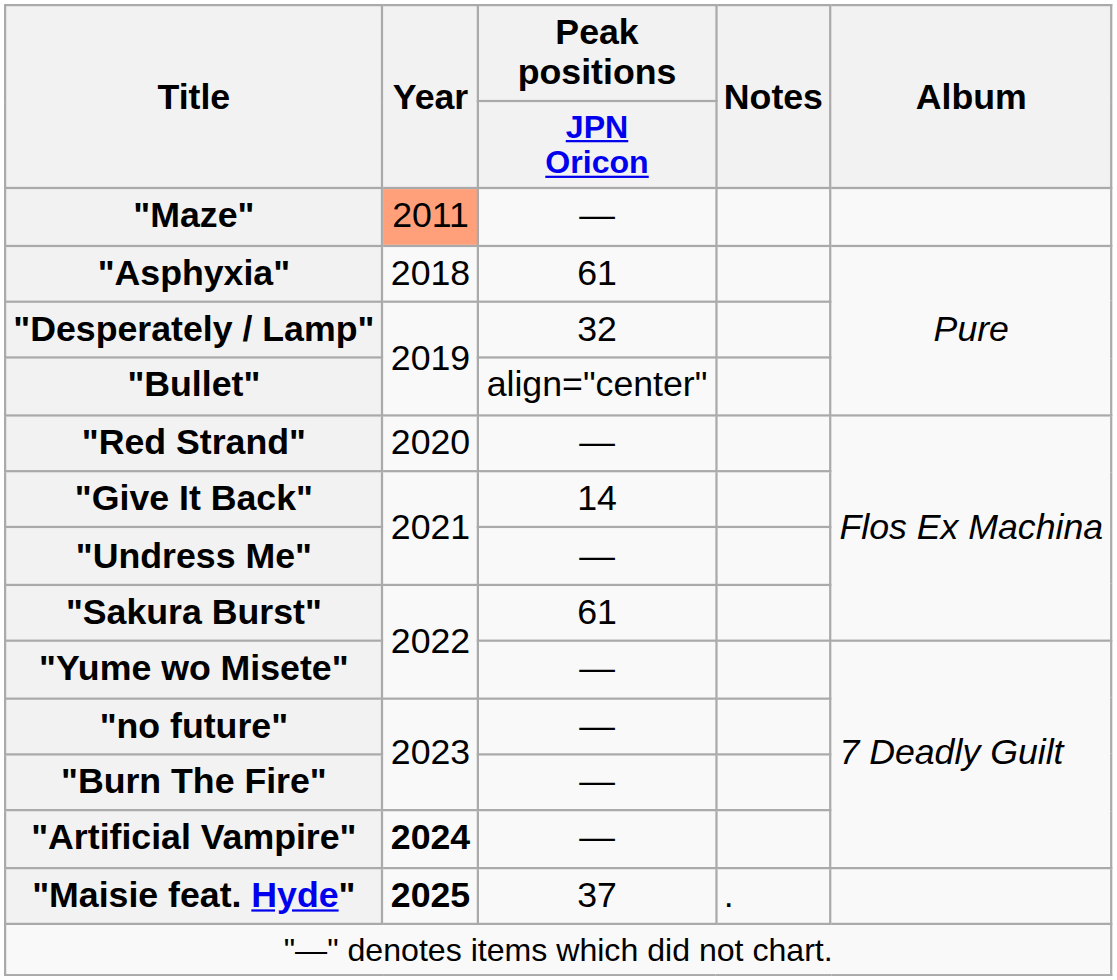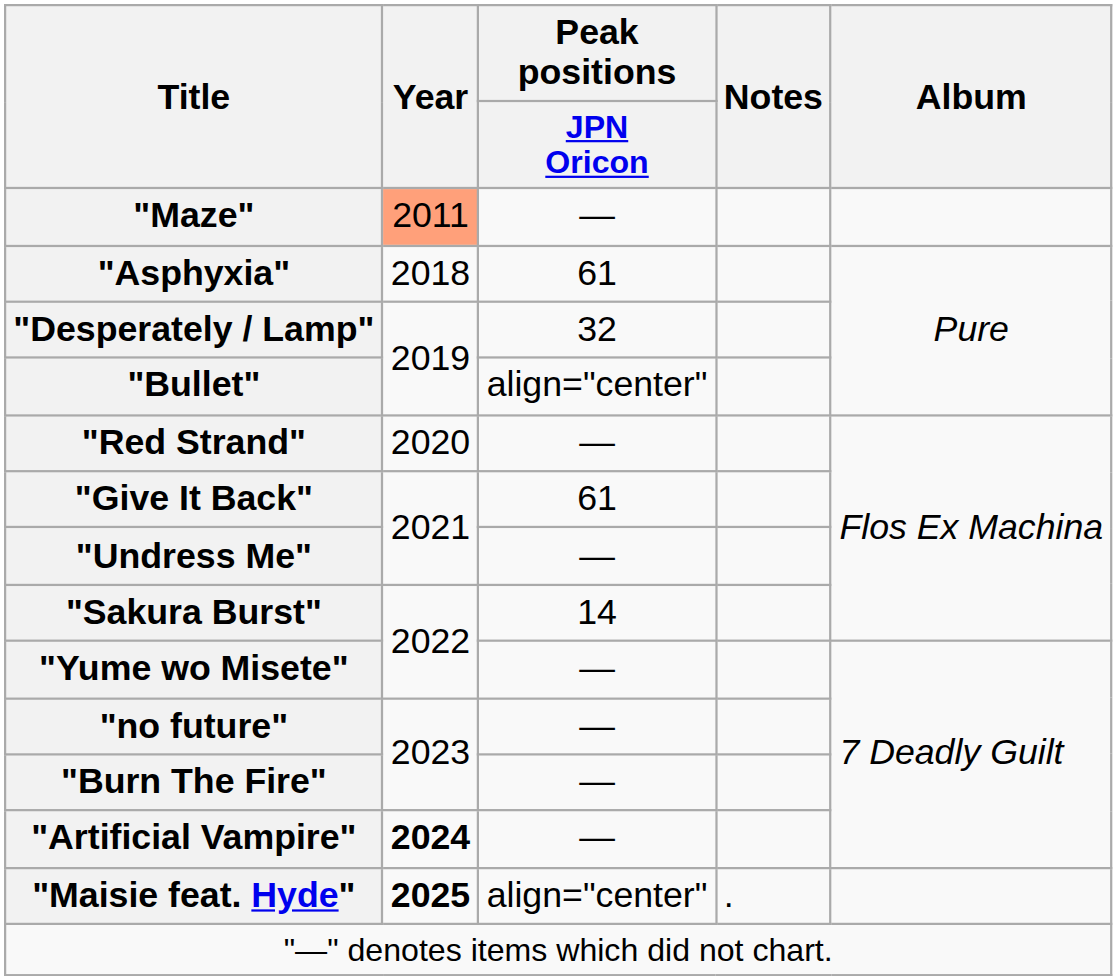 <table class="wikitable plainrowheaders">
 <tr>
 <th scope="col" rowspan="2">Title</th>
 <th scope="col" rowspan="2">Year</th>
 <th scope="col" colspan="1">Peak positions</th>
 <th scope="col" rowspan="2">Notes</th>
 <th scope="col" rowspan="2">Album</th>
 </tr>
 <tr>
 <th style="width:4em;font-size:90%" scope="col"><a href='#'>JPN<br>Oricon</a><br></th>
 </tr>
 <tr>
 <th scope="row">"Maze"<br></th>
 <td align="center" style="background: lightsalmon;">2011</td>
 <td align="center">—</td>
 <td></td>
 <td></td>
 </tr>
 <tr>
 <th scope="row">"Asphyxia"</th>
 <td align="center">2018</td>
 <td align="center">61</td>
 <td></td>
 <td align="center" rowspan="3"><em>Pure</em></td>
 </tr>
 <tr>
 <th scope="row">"Desperately / Lamp"<br></th>
 <td align="center" rowspan="2">2019</td>
 <td align="center">32</td>
 <td></td>
 </tr>
 <tr>
 <th scope="row">"Bullet"</th>
 <td>align="center" </td>
 <td></td>
 </tr>
 <tr>
 <th scope="row">"Red Strand"</th>
 <td align="center" rowspan="1">2020</td>
 <td align="center">—</td>
 <td></td>
 <td rowspan="4"><em>Flos Ex Machina</em></td>
 </tr>
 <tr>
 <th scope="row">"Give It Back"</th>
 <td rowspan="2" align="center">2021</td>
-<td align="center">14</td>
+<td align="center">61</td>
 <td></td>
 </tr>
 <tr>
 <th scope="row">"Undress Me"</th>
 <td align="center">—</td>
 <td></td>
 </tr>
 <tr>
 <th scope="row">"Sakura Burst"</th>
 <td rowspan="2" align="center">2022</td>
-<td align="center">61</td>
+<td align="center">14</td>
 <td></td>
 </tr>
 <tr>
 <th scope="row">"Yume wo Misete"<br></th>
 <td align="center">—</td>
 <td></td>
 <td rowspan="4"><em>7 Deadly Guilt</em></td>
 </tr>
 <tr>
 <th scope="row">"no future"</th>
 <td rowspan="2" align="center">2023</td>
 <td align="center">—</td>
 <td></td>
 </tr>
 <tr>
 <th scope="row">"Burn The Fire"</th>
 <td align="center">—</td>
 <td></td>
 </tr>
 <tr>
 <th scope="row">"Artificial Vampire"</th>
 <td rowspan="1" align="center"><strong>2024</strong></td>
 <td align="center">—</td>
 <td></td>
 </tr>
 <tr>
 <th scope="row">"Maisie feat. <a href='#'>Hyde</a>"</th>
 <td rowspan="1" align="center"><strong>2025</strong></td>
-<td align="center">37</td>
+<td>align="center" </td>
 <td>.</td>
 <td></td>
 </tr>
 <tr>
 <td colspan="5" align="center" style="font-size:90%;">"—" denotes items which did not chart.</td>
 </tr>
 </table>
